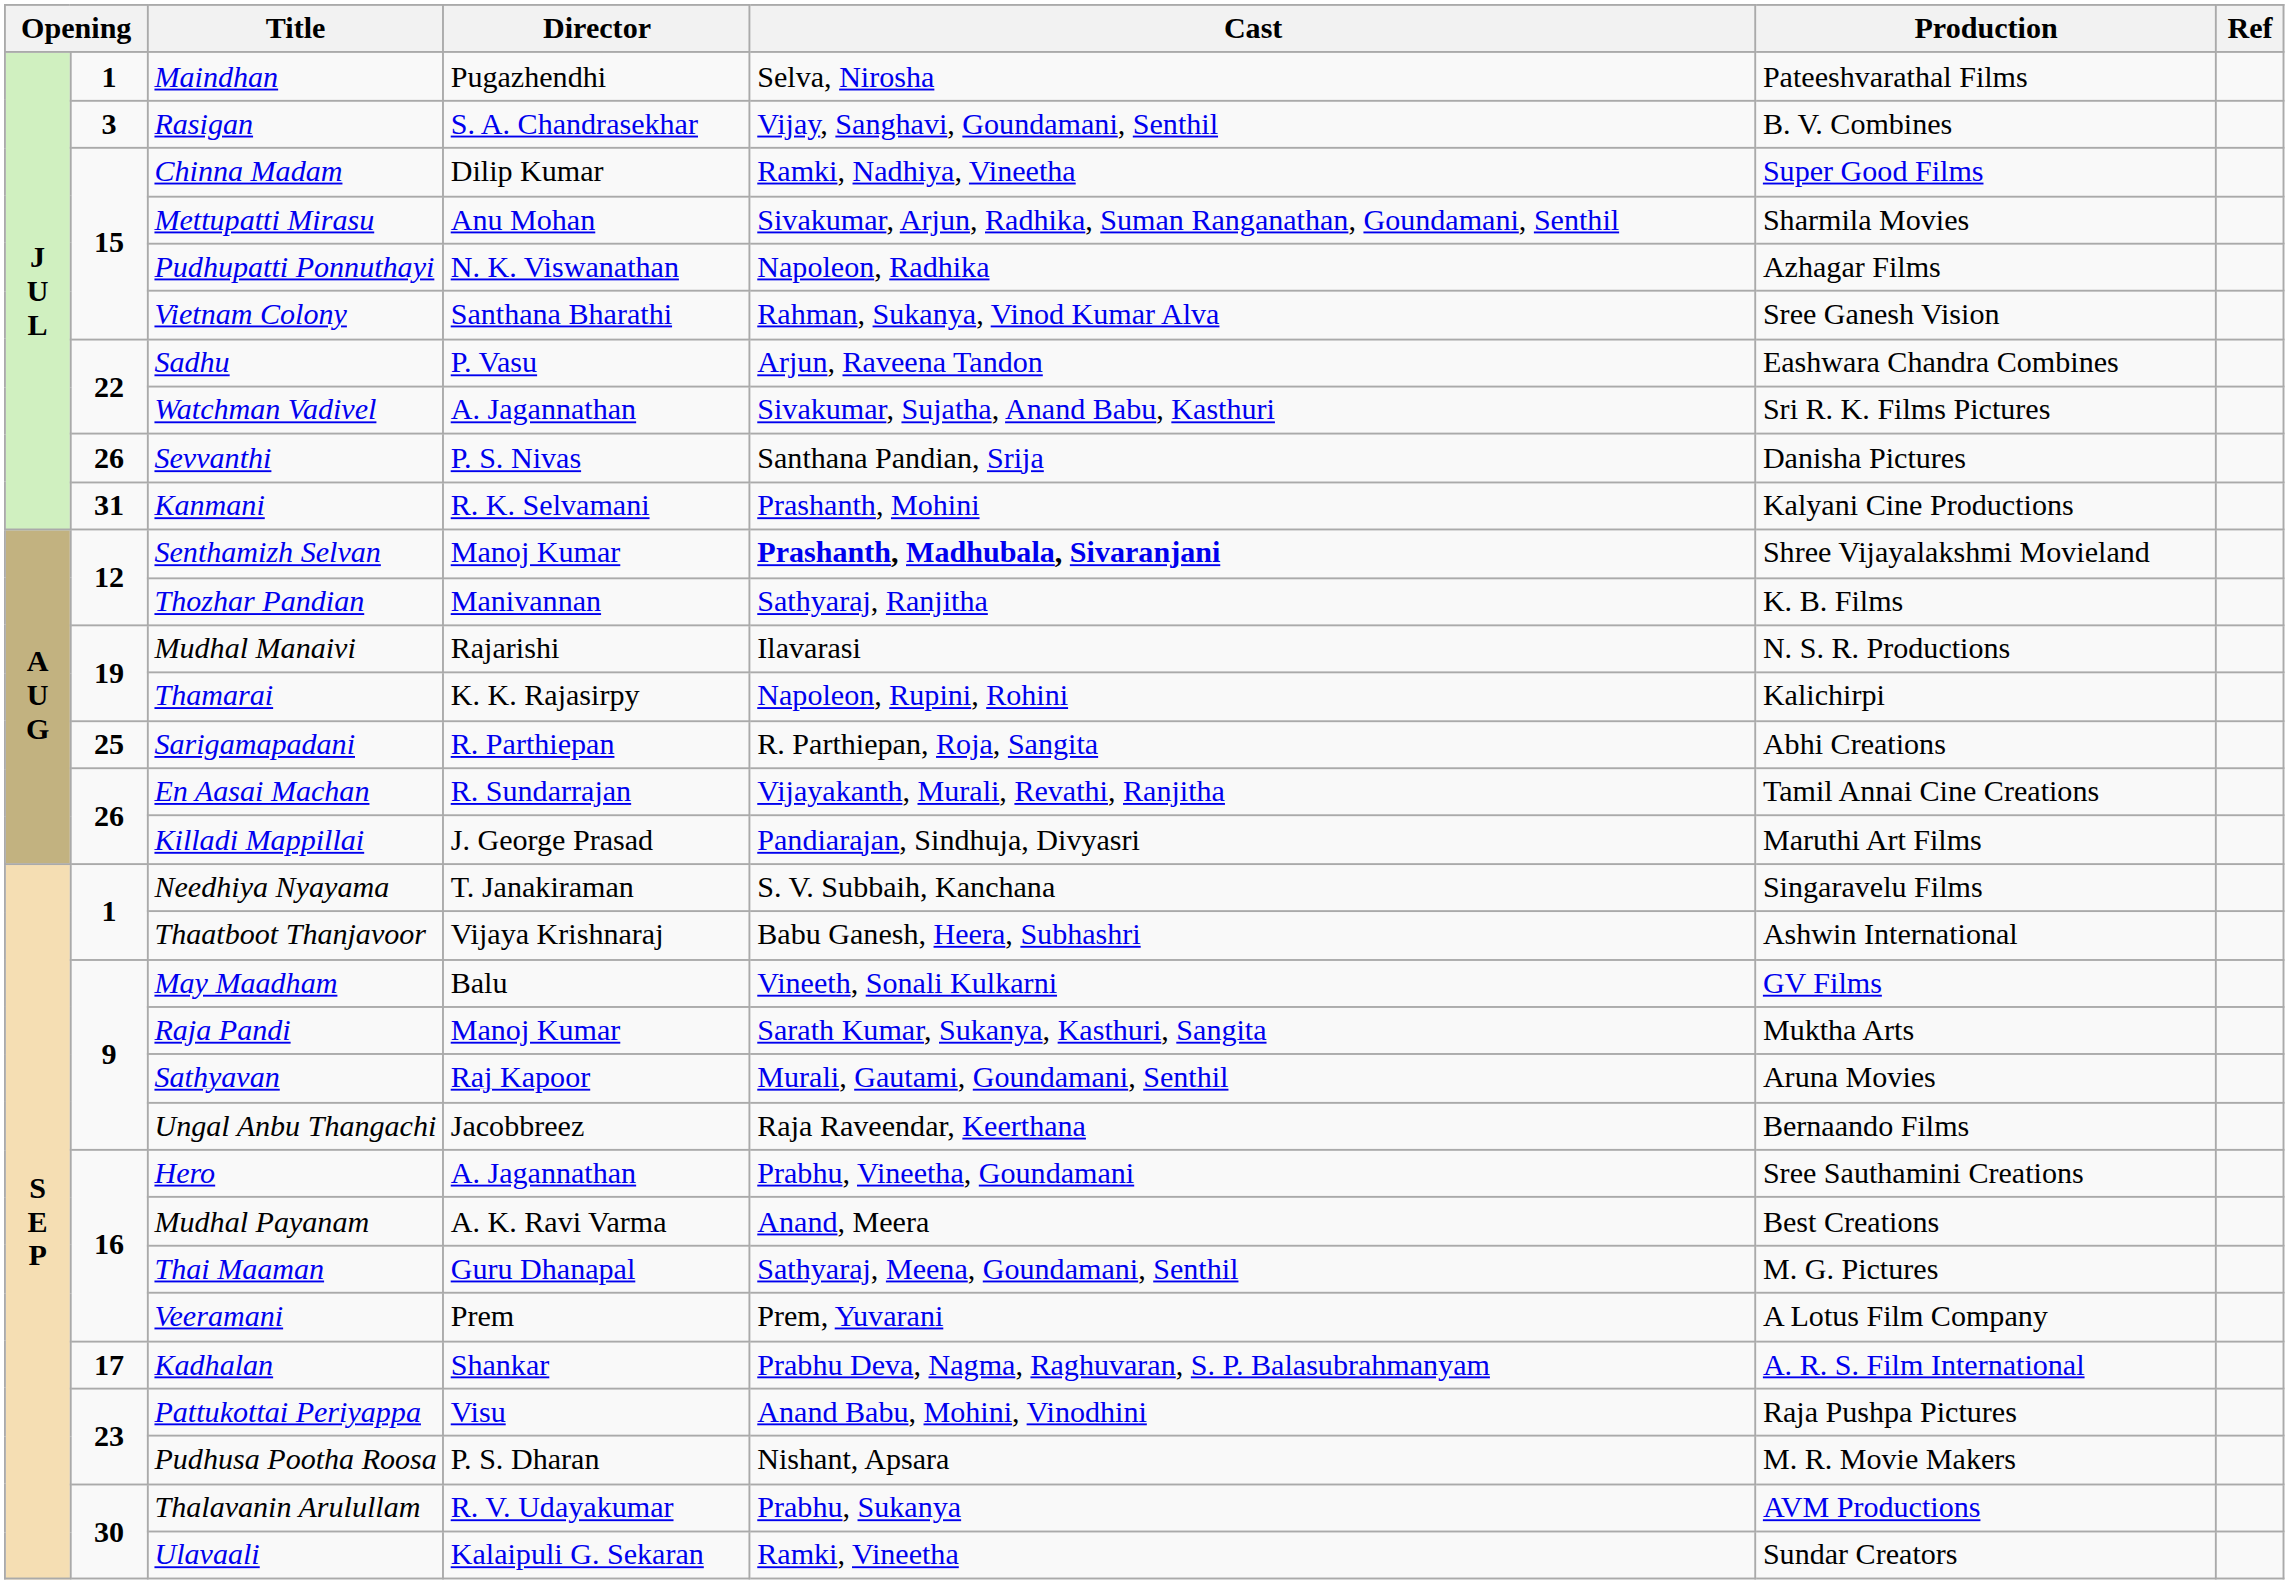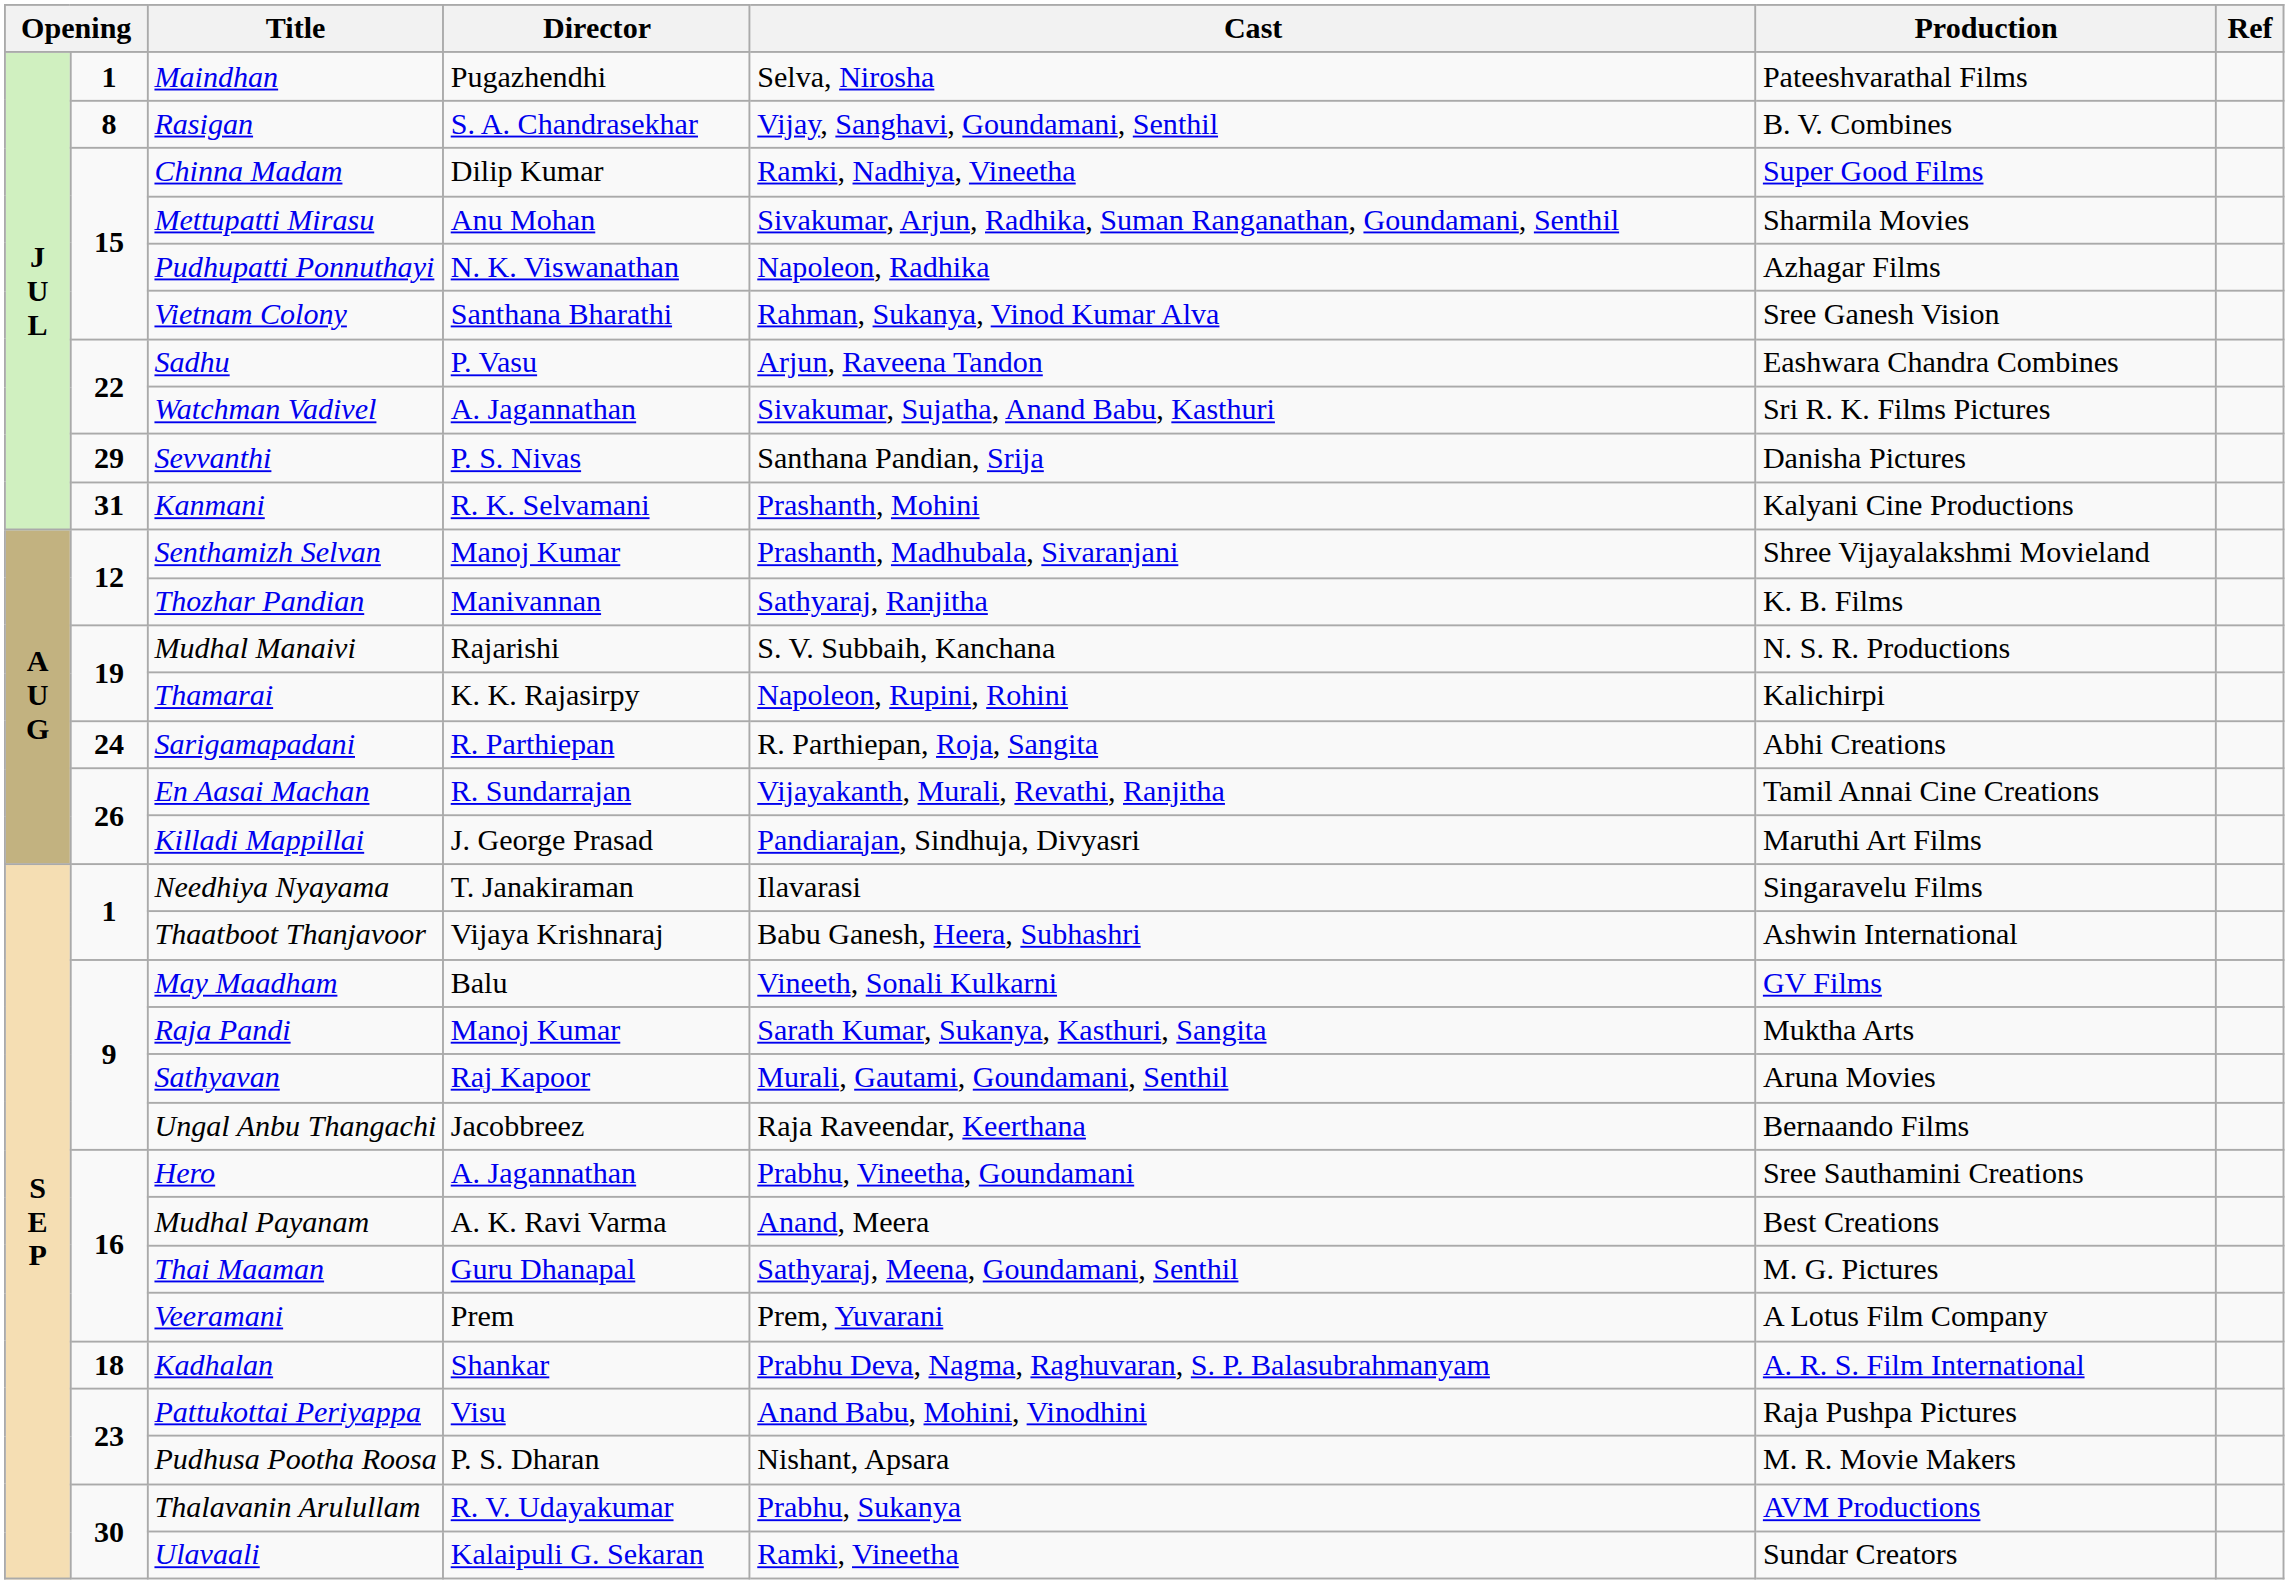 <table class="wikitable">
 <tr>
 <th colspan="2"><strong>Opening</strong></th>
 <th width="13%"><strong>Title</strong></th>
 <th><strong>Director</strong></th>
 <th><strong>Cast</strong></th>
 <th><strong>Production</strong></th>
 <th><strong>Ref</strong></th>
 </tr>
 <tr July!>
 <td rowspan="10" valign="center" align="center" style="background:#d0f0c0; textcolor:#000;"><strong>J<br>U<br>L</strong></td>
 <td rowspan="1" align="center"><strong>1</strong></td>
 <td><em><a href='#'>Maindhan</a></em></td>
 <td>Pugazhendhi</td>
 <td>Selva, <a href='#'>Nirosha</a></td>
 <td>Pateeshvarathal Films</td>
 <td></td>
 </tr>
 <tr>
-<td rowspan="1" align="center"><strong>3</strong></td>
+<td rowspan="1" align="center"><strong>8</strong></td>
 <td><em><a href='#'>Rasigan</a></em></td>
 <td><a href='#'>S. A. Chandrasekhar</a></td>
 <td><a href='#'>Vijay</a>, <a href='#'>Sanghavi</a>, <a href='#'>Goundamani</a>, <a href='#'>Senthil</a></td>
 <td>B. V. Combines</td>
 <td></td>
 </tr>
 <tr>
 <td rowspan="4" align="center"><strong>15</strong></td>
 <td><em><a href='#'>Chinna Madam</a></em></td>
 <td>Dilip Kumar</td>
 <td><a href='#'>Ramki</a>, <a href='#'>Nadhiya</a>, <a href='#'>Vineetha</a></td>
 <td><a href='#'>Super Good Films</a></td>
 <td></td>
 </tr>
 <tr>
 <td><em><a href='#'>Mettupatti Mirasu</a></em></td>
 <td><a href='#'>Anu Mohan</a></td>
 <td><a href='#'>Sivakumar</a>, <a href='#'>Arjun</a>, <a href='#'>Radhika</a>, <a href='#'>Suman Ranganathan</a>, <a href='#'>Goundamani</a>, <a href='#'>Senthil</a></td>
 <td>Sharmila Movies</td>
 <td></td>
 </tr>
 <tr>
 <td><em><a href='#'>Pudhupatti Ponnuthayi</a></em></td>
 <td><a href='#'>N. K. Viswanathan</a></td>
 <td><a href='#'>Napoleon</a>, <a href='#'>Radhika</a></td>
 <td>Azhagar Films</td>
 <td></td>
 </tr>
 <tr>
 <td><em><a href='#'>Vietnam Colony</a></em></td>
 <td><a href='#'>Santhana Bharathi</a></td>
 <td><a href='#'>Rahman</a>, <a href='#'>Sukanya</a>, <a href='#'>Vinod Kumar Alva</a></td>
 <td>Sree Ganesh Vision</td>
 <td></td>
 </tr>
 <tr>
 <td rowspan="2" align="center"><strong>22</strong></td>
 <td><em><a href='#'>Sadhu</a></em></td>
 <td><a href='#'>P. Vasu</a></td>
 <td><a href='#'>Arjun</a>, <a href='#'>Raveena Tandon</a></td>
 <td>Eashwara Chandra Combines</td>
 <td></td>
 </tr>
 <tr>
 <td><em><a href='#'>Watchman Vadivel</a></em></td>
 <td><a href='#'>A. Jagannathan</a></td>
 <td><a href='#'>Sivakumar</a>, <a href='#'>Sujatha</a>, <a href='#'>Anand Babu</a>, <a href='#'>Kasthuri</a></td>
 <td>Sri R. K. Films Pictures</td>
 <td></td>
 </tr>
 <tr>
-<td rowspan="1" align="center"><strong>26</strong></td>
+<td rowspan="1" align="center"><strong>29</strong></td>
 <td><em><a href='#'>Sevvanthi</a></em></td>
 <td><a href='#'>P. S. Nivas</a></td>
 <td>Santhana Pandian, <a href='#'>Srija</a></td>
 <td>Danisha Pictures</td>
 <td></td>
 </tr>
 <tr>
 <td rowspan="1" align="center"><strong>31</strong></td>
 <td><em><a href='#'>Kanmani</a></em></td>
 <td><a href='#'>R. K. Selvamani</a></td>
 <td><a href='#'>Prashanth</a>, <a href='#'>Mohini</a></td>
 <td>Kalyani Cine Productions</td>
 <td></td>
 </tr>
 <tr August!>
 <td rowspan="7" valign="center" align="center" style="background:#C2B280;"><strong>A<br>U<br>G</strong></td>
 <td rowspan="2" align="center"><strong>12</strong></td>
 <td><em><a href='#'>Senthamizh Selvan</a></em></td>
 <td><a href='#'>Manoj Kumar</a></td>
-<td><strong><a href='#'>Prashanth</a>, <a href='#'>Madhubala</a>, <a href='#'>Sivaranjani</a></strong></td>
+<td><a href='#'>Prashanth</a>, <a href='#'>Madhubala</a>, <a href='#'>Sivaranjani</a></td>
 <td>Shree Vijayalakshmi Movieland</td>
 <td></td>
 </tr>
 <tr>
 <td><em><a href='#'>Thozhar Pandian</a></em></td>
 <td><a href='#'>Manivannan</a></td>
 <td><a href='#'>Sathyaraj</a>, <a href='#'>Ranjitha</a></td>
 <td>K. B. Films</td>
 <td></td>
 </tr>
 <tr>
 <td rowspan="2" align="center"><strong>19</strong></td>
 <td><em>Mudhal Manaivi</em></td>
 <td>Rajarishi</td>
-<td>Ilavarasi</td>
+<td>S. V. Subbaih, Kanchana</td>
 <td>N. S. R. Productions</td>
 <td></td>
 </tr>
 <tr>
 <td><em><a href='#'>Thamarai</a></em></td>
 <td>K. K. Rajasirpy</td>
 <td><a href='#'>Napoleon</a>, <a href='#'>Rupini</a>, <a href='#'>Rohini</a></td>
 <td>Kalichirpi</td>
 <td></td>
 </tr>
 <tr>
-<td rowspan="1" align="center"><strong>25</strong></td>
+<td rowspan="1" align="center"><strong>24</strong></td>
 <td><em><a href='#'>Sarigamapadani</a></em></td>
 <td><a href='#'>R. Parthiepan</a></td>
 <td>R. Parthiepan, <a href='#'>Roja</a>, <a href='#'>Sangita</a></td>
 <td>Abhi Creations</td>
 <td></td>
 </tr>
 <tr>
 <td rowspan="2" align="center"><strong>26</strong></td>
 <td><em><a href='#'>En Aasai Machan</a></em></td>
 <td><a href='#'>R. Sundarrajan</a></td>
 <td><a href='#'>Vijayakanth</a>, <a href='#'>Murali</a>, <a href='#'>Revathi</a>, <a href='#'>Ranjitha</a></td>
 <td>Tamil Annai Cine Creations</td>
 <td></td>
 </tr>
 <tr>
 <td><em><a href='#'>Killadi Mappillai</a></em></td>
 <td>J. George Prasad</td>
 <td><a href='#'>Pandiarajan</a>, Sindhuja, Divyasri</td>
 <td>Maruthi Art Films</td>
 <td></td>
 </tr>
 <tr September!>
 <td rowspan="15" valign="center" align="center" style="background:#F5DEB3; textcolor:#000;"><strong>S<br>E<br>P</strong></td>
 <td rowspan="2" align="center"><strong>1</strong></td>
 <td><em>Needhiya Nyayama</em></td>
 <td>T. Janakiraman</td>
-<td>S. V. Subbaih, Kanchana</td>
+<td>Ilavarasi</td>
 <td>Singaravelu Films</td>
 <td></td>
 </tr>
 <tr>
 <td><em>Thaatboot Thanjavoor</em></td>
 <td>Vijaya Krishnaraj</td>
 <td>Babu Ganesh, <a href='#'>Heera</a>, <a href='#'>Subhashri</a></td>
 <td>Ashwin International</td>
 <td></td>
 </tr>
 <tr>
 <td rowspan="4" align="center"><strong>9</strong></td>
 <td><em><a href='#'>May Maadham</a></em></td>
 <td>Balu</td>
 <td><a href='#'>Vineeth</a>, <a href='#'>Sonali Kulkarni</a></td>
 <td><a href='#'>GV Films</a></td>
 <td></td>
 </tr>
 <tr>
 <td><em><a href='#'>Raja Pandi</a></em></td>
 <td><a href='#'>Manoj Kumar</a></td>
 <td><a href='#'>Sarath Kumar</a>, <a href='#'>Sukanya</a>, <a href='#'>Kasthuri</a>, <a href='#'>Sangita</a></td>
 <td>Muktha Arts</td>
 <td></td>
 </tr>
 <tr>
 <td><em><a href='#'>Sathyavan</a></em></td>
 <td><a href='#'>Raj Kapoor</a></td>
 <td><a href='#'>Murali</a>, <a href='#'>Gautami</a>, <a href='#'>Goundamani</a>, <a href='#'>Senthil</a></td>
 <td>Aruna Movies</td>
 <td></td>
 </tr>
 <tr>
 <td><em>Ungal Anbu Thangachi</em></td>
 <td>Jacobbreez</td>
 <td>Raja Raveendar, <a href='#'>Keerthana</a></td>
 <td>Bernaando Films</td>
 <td></td>
 </tr>
 <tr>
 <td rowspan="4" align="center"><strong>16</strong></td>
 <td><em><a href='#'>Hero</a></em></td>
 <td><a href='#'>A. Jagannathan</a></td>
 <td><a href='#'>Prabhu</a>, <a href='#'>Vineetha</a>, <a href='#'>Goundamani</a></td>
 <td>Sree Sauthamini Creations</td>
 <td></td>
 </tr>
 <tr>
 <td><em>Mudhal Payanam</em></td>
 <td>A. K. Ravi Varma</td>
 <td><a href='#'>Anand</a>, Meera</td>
 <td>Best Creations</td>
 <td></td>
 </tr>
 <tr>
 <td><em><a href='#'>Thai Maaman</a></em></td>
 <td><a href='#'>Guru Dhanapal</a></td>
 <td><a href='#'>Sathyaraj</a>, <a href='#'>Meena</a>, <a href='#'>Goundamani</a>, <a href='#'>Senthil</a></td>
 <td>M. G. Pictures</td>
 <td></td>
 </tr>
 <tr>
 <td><em><a href='#'>Veeramani</a></em></td>
 <td>Prem</td>
 <td>Prem, <a href='#'>Yuvarani</a></td>
 <td>A Lotus Film Company</td>
 <td></td>
 </tr>
 <tr>
-<td rowspan="1" align="center"><strong>17</strong></td>
+<td rowspan="1" align="center"><strong>18</strong></td>
 <td><em><a href='#'>Kadhalan</a></em></td>
 <td><a href='#'>Shankar</a></td>
 <td><a href='#'>Prabhu Deva</a>, <a href='#'>Nagma</a>, <a href='#'>Raghuvaran</a>, <a href='#'>S. P. Balasubrahmanyam</a></td>
 <td><a href='#'>A. R. S. Film International</a></td>
 <td></td>
 </tr>
 <tr>
 <td rowspan="2" align="center"><strong>23</strong></td>
 <td><em><a href='#'>Pattukottai Periyappa</a></em></td>
 <td><a href='#'>Visu</a></td>
 <td><a href='#'>Anand Babu</a>, <a href='#'>Mohini</a>, <a href='#'>Vinodhini</a></td>
 <td>Raja Pushpa Pictures</td>
 <td></td>
 </tr>
 <tr>
 <td><em>Pudhusa Pootha Roosa</em></td>
 <td>P. S. Dharan</td>
 <td>Nishant, Apsara</td>
 <td>M. R. Movie Makers</td>
 <td></td>
 </tr>
 <tr>
 <td rowspan="2" align="center"><strong>30</strong></td>
 <td><em>Thalavanin Arulullam</em></td>
 <td><a href='#'>R. V. Udayakumar</a></td>
 <td><a href='#'>Prabhu</a>, <a href='#'>Sukanya</a></td>
 <td><a href='#'>AVM Productions</a></td>
 <td></td>
 </tr>
 <tr>
 <td><em><a href='#'>Ulavaali</a></em></td>
 <td><a href='#'>Kalaipuli G. Sekaran</a></td>
 <td><a href='#'>Ramki</a>, <a href='#'>Vineetha</a></td>
 <td>Sundar Creators</td>
 <td></td>
 </tr>
 </table>
